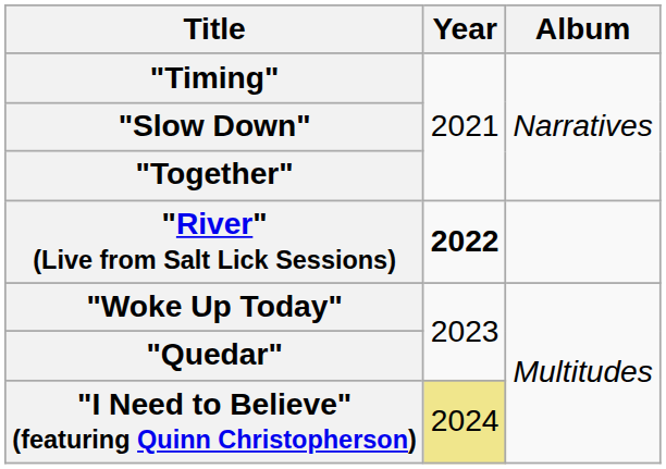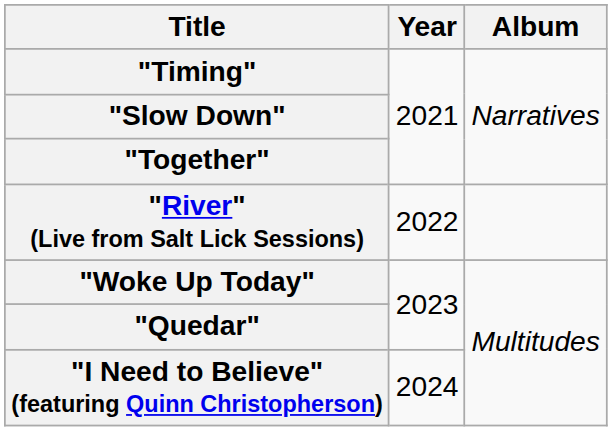 <table class="wikitable plainrowheaders" style="text-align:center;">
 <tr>
 <th scope="col">Title</th>
 <th scope="col">Year</th>
 <th scope="col">Album</th>
 </tr>
 <tr>
 <th scope="row">"Timing"</th>
 <td rowspan="3">2021</td>
 <td rowspan="3"><em>Narratives</em></td>
 </tr>
 <tr>
 <th scope="row">"Slow Down"</th>
 </tr>
 <tr>
 <th scope="row">"Together"</th>
 </tr>
 <tr>
 <th scope="row">"<a href='#'>River</a>" <br> <small>(Live from Salt Lick Sessions)</small></th>
-<td><strong>2022</strong></td>
+<td>2022</td>
 <td></td>
 </tr>
 <tr>
 <th scope="row">"Woke Up Today"</th>
 <td rowspan="2">2023</td>
 <td rowspan="3"><em>Multitudes</em></td>
 </tr>
 <tr>
 <th scope="row">"Quedar"</th>
 </tr>
 <tr>
 <th scope="row">"I Need to Believe" <br> <small>(featuring <a href='#'>Quinn Christopherson</a>)</small></th>
-<td style="background: khaki;">2024</td>
+<td>2024</td>
 </tr>
 </table>
